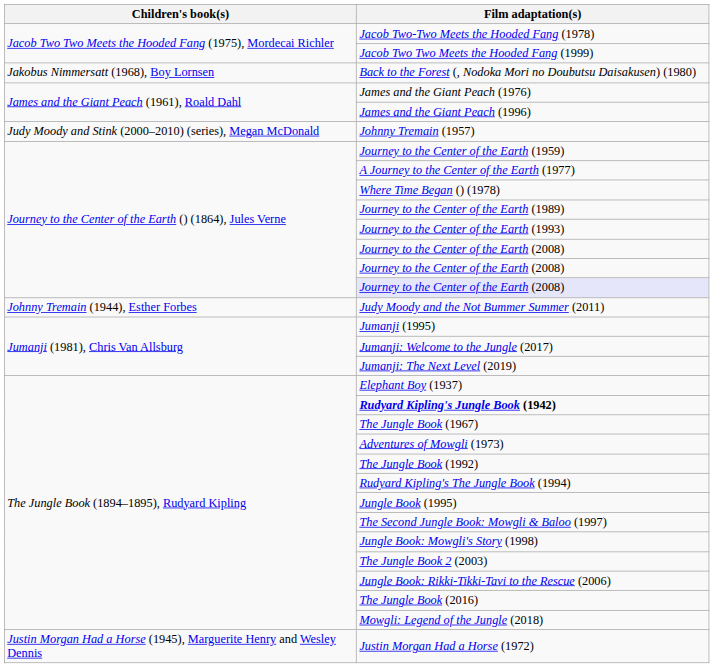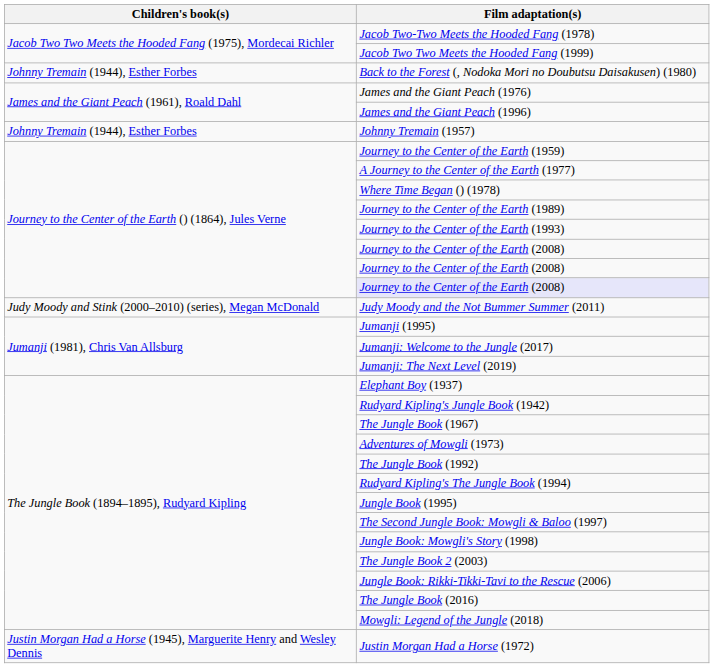 <table class="wikitable">
 <tr>
 <th width="450">Children's book(s)</th>
 <th width="450">Film adaptation(s)</th>
 </tr>
 <tr>
 <td rowspan="2"><em><a href='#'>Jacob Two Two Meets the Hooded Fang</a></em> (1975), <a href='#'>Mordecai Richler</a></td>
 <td><em><a href='#'>Jacob Two-Two Meets the Hooded Fang</a></em> (1978)</td>
 </tr>
 <tr>
 <td><em><a href='#'>Jacob Two Two Meets the Hooded Fang</a></em> (1999)</td>
 </tr>
 <tr>
-<td><em>Jakobus Nimmersatt</em> (1968), <a href='#'>Boy Lornsen</a></td>
+<td><em><a href='#'>Johnny Tremain</a></em> (1944), <a href='#'>Esther Forbes</a></td>
 <td><em><a href='#'>Back to the Forest</a></em> (, <em>Nodoka Mori no Doubutsu Daisakusen</em>) (1980)</td>
 </tr>
 <tr>
 <td rowspan="2"><em><a href='#'>James and the Giant Peach</a></em> (1961), <a href='#'>Roald Dahl</a></td>
 <td><em>James and the Giant Peach</em> (1976)</td>
 </tr>
 <tr>
 <td><em><a href='#'>James and the Giant Peach</a></em> (1996)</td>
 </tr>
 <tr>
-<td><em>Judy Moody and Stink</em> (2000–2010) (series), <a href='#'>Megan McDonald</a></td>
+<td><em><a href='#'>Johnny Tremain</a></em> (1944), <a href='#'>Esther Forbes</a></td>
 <td><em><a href='#'>Johnny Tremain</a></em> (1957)</td>
 </tr>
 <tr>
 <td rowspan="8"><em><a href='#'>Journey to the Center of the Earth</a></em> () (1864), <a href='#'>Jules Verne</a></td>
 <td><em><a href='#'>Journey to the Center of the Earth</a></em> (1959)</td>
 </tr>
 <tr>
 <td><em><a href='#'>A Journey to the Center of the Earth</a></em> (1977)</td>
 </tr>
 <tr>
 <td><em><a href='#'>Where Time Began</a></em> () (1978)</td>
 </tr>
 <tr>
 <td><em><a href='#'>Journey to the Center of the Earth</a></em> (1989)</td>
 </tr>
 <tr>
 <td><em><a href='#'>Journey to the Center of the Earth</a></em> (1993)</td>
 </tr>
 <tr>
 <td><em><a href='#'>Journey to the Center of the Earth</a></em> (2008)</td>
 </tr>
 <tr>
 <td><em><a href='#'>Journey to the Center of the Earth</a></em> (2008)</td>
 </tr>
 <tr>
 <td style="background: lavender;"><em><a href='#'>Journey to the Center of the Earth</a></em> (2008)</td>
 </tr>
 <tr>
-<td><em><a href='#'>Johnny Tremain</a></em> (1944), <a href='#'>Esther Forbes</a></td>
+<td><em>Judy Moody and Stink</em> (2000–2010) (series), <a href='#'>Megan McDonald</a></td>
 <td><em><a href='#'>Judy Moody and the Not Bummer Summer</a></em> (2011)</td>
 </tr>
 <tr>
 <td rowspan="3"><em><a href='#'>Jumanji</a></em> (1981), <a href='#'>Chris Van Allsburg</a></td>
 <td><em><a href='#'>Jumanji</a></em> (1995)</td>
 </tr>
 <tr>
 <td><em><a href='#'>Jumanji: Welcome to the Jungle</a></em> (2017)</td>
 </tr>
 <tr>
 <td><em><a href='#'>Jumanji: The Next Level</a></em> (2019)</td>
 </tr>
 <tr>
 <td rowspan="13"><em>The Jungle Book</em> (1894–1895), <a href='#'>Rudyard Kipling</a></td>
 <td><em><a href='#'>Elephant Boy</a></em> (1937)</td>
 </tr>
 <tr>
-<td><strong><em><a href='#'>Rudyard Kipling's Jungle Book</a></em> (1942)</strong></td>
+<td><em><a href='#'>Rudyard Kipling's Jungle Book</a></em> (1942)</td>
 </tr>
 <tr>
 <td><em><a href='#'>The Jungle Book</a></em> (1967)</td>
 </tr>
 <tr>
 <td><em><a href='#'>Adventures of Mowgli</a></em> (1973)</td>
 </tr>
 <tr>
 <td><em><a href='#'>The Jungle Book</a></em> (1992)</td>
 </tr>
 <tr>
 <td><em><a href='#'>Rudyard Kipling's The Jungle Book</a></em> (1994)</td>
 </tr>
 <tr>
 <td><em><a href='#'>Jungle Book</a></em> (1995)</td>
 </tr>
 <tr>
 <td><em><a href='#'>The Second Jungle Book: Mowgli & Baloo</a></em> (1997)</td>
 </tr>
 <tr>
 <td><em><a href='#'>Jungle Book: Mowgli's Story</a></em> (1998)</td>
 </tr>
 <tr>
 <td><em><a href='#'>The Jungle Book 2</a></em> (2003)</td>
 </tr>
 <tr>
 <td><em><a href='#'>Jungle Book: Rikki-Tikki-Tavi to the Rescue</a></em> (2006)</td>
 </tr>
 <tr>
 <td><em><a href='#'>The Jungle Book</a></em> (2016)</td>
 </tr>
 <tr>
 <td><em><a href='#'>Mowgli: Legend of the Jungle</a></em> (2018)</td>
 </tr>
 <tr>
 <td><em><a href='#'>Justin Morgan Had a Horse</a></em> (1945), <a href='#'>Marguerite Henry</a> and <a href='#'>Wesley Dennis</a></td>
 <td><em><a href='#'>Justin Morgan Had a Horse</a></em> (1972)</td>
 </tr>
 </table>
